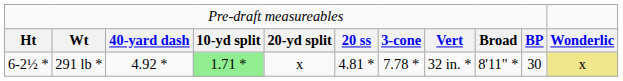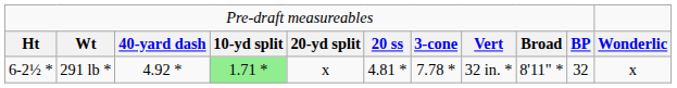 <table class="wikitable" style="font-size:89%">
 <tr>
 <td colspan="10" align="center"><em>Pre-draft measureables</em></td>
 </tr>
 <tr>
 <th>Ht</th>
 <th>Wt</th>
 <th><a href='#'>40-yard dash</a></th>
 <th>10-yd split</th>
 <th>20-yd split</th>
 <th><a href='#'>20 ss</a></th>
 <th><a href='#'>3-cone</a></th>
 <th><a href='#'>Vert</a></th>
 <th Broad Jump>Broad</th>
 <th><a href='#'>BP</a></th>
 <th><a href='#'>Wonderlic</a></th>
 </tr>
 <tr>
 <td ALIGN="center">6-2½ *</td>
 <td ALIGN="center">291 lb *</td>
 <td ALIGN="center">4.92 *</td>
 <td ALIGN="center" style="background: lightgreen;">1.71 *</td>
 <td ALIGN="center">x</td>
 <td ALIGN="center">4.81 *</td>
 <td ALIGN="center">7.78 *</td>
 <td ALIGN="center">32 in. *</td>
 <td ALIGN="center">8'11" *</td>
-<td ALIGN="center">30</td>
-<td ALIGN="center" style="background: khaki;">x</td>
+<td ALIGN="center">32</td>
+<td ALIGN="center">x</td>
 </tr>
 </table>
